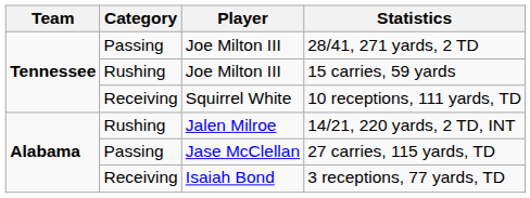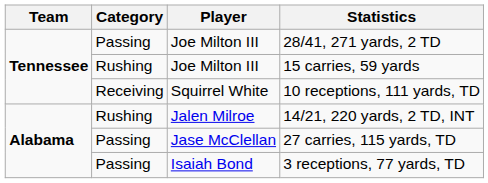 <table class="wikitable" style="float: right;">
 <tr>
 <th>Team</th>
 <th>Category</th>
 <th>Player</th>
 <th>Statistics</th>
 </tr>
 <tr>
 <td rowspan=3><strong>Tennessee</strong></td>
 <td>Passing</td>
 <td>Joe Milton III</td>
 <td>28/41, 271 yards, 2 TD</td>
 </tr>
 <tr>
 <td>Rushing</td>
 <td>Joe Milton III</td>
 <td>15 carries, 59 yards</td>
 </tr>
 <tr>
 <td>Receiving</td>
 <td>Squirrel White</td>
 <td>10 receptions, 111 yards, TD</td>
 </tr>
 <tr>
 <td rowspan=3><strong>Alabama</strong></td>
 <td>Rushing</td>
 <td><a href='#'>Jalen Milroe</a></td>
 <td>14/21, 220 yards, 2 TD, INT</td>
 </tr>
 <tr>
 <td>Passing</td>
 <td><a href='#'>Jase McClellan</a></td>
 <td>27 carries, 115 yards, TD</td>
 </tr>
 <tr>
-<td>Receiving</td>
+<td>Passing</td>
 <td><a href='#'>Isaiah Bond</a></td>
 <td>3 receptions, 77 yards, TD</td>
 </tr>
 </table>
